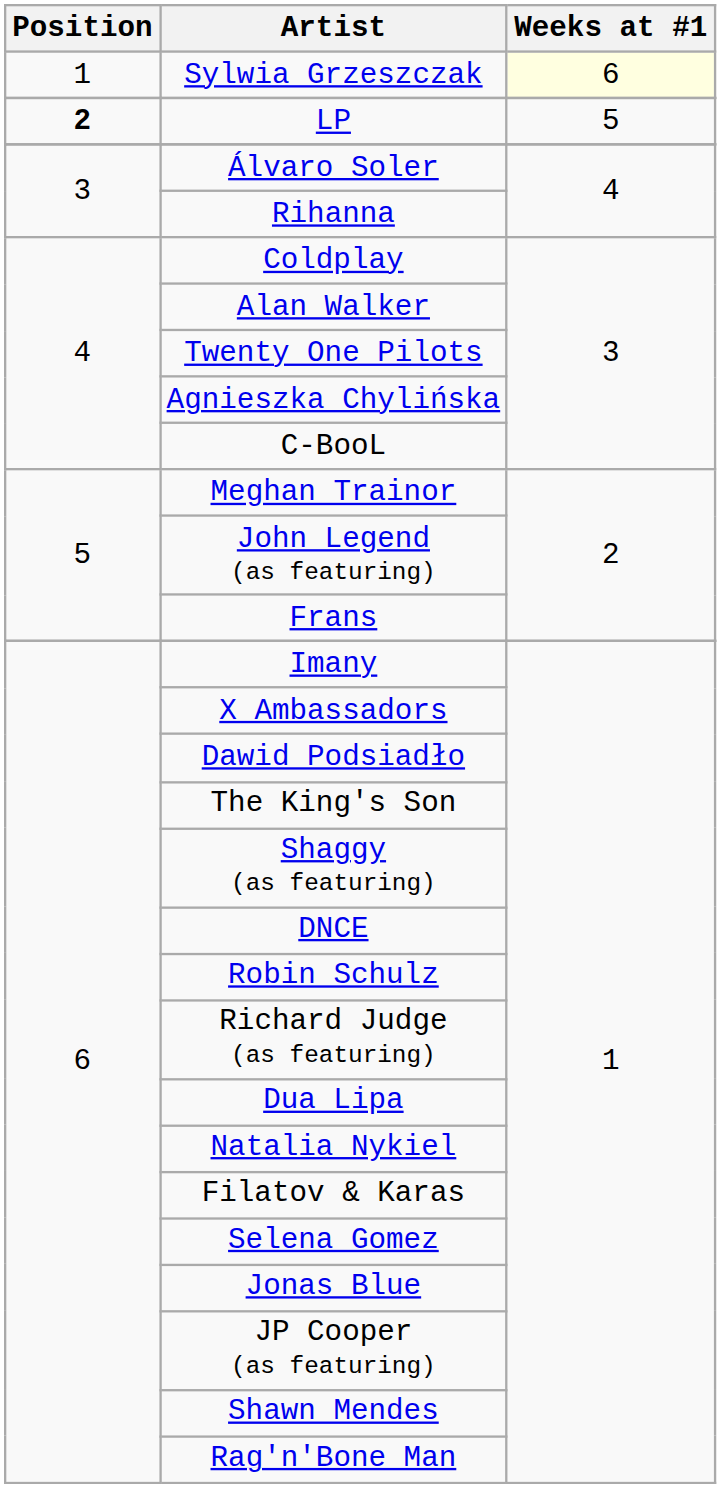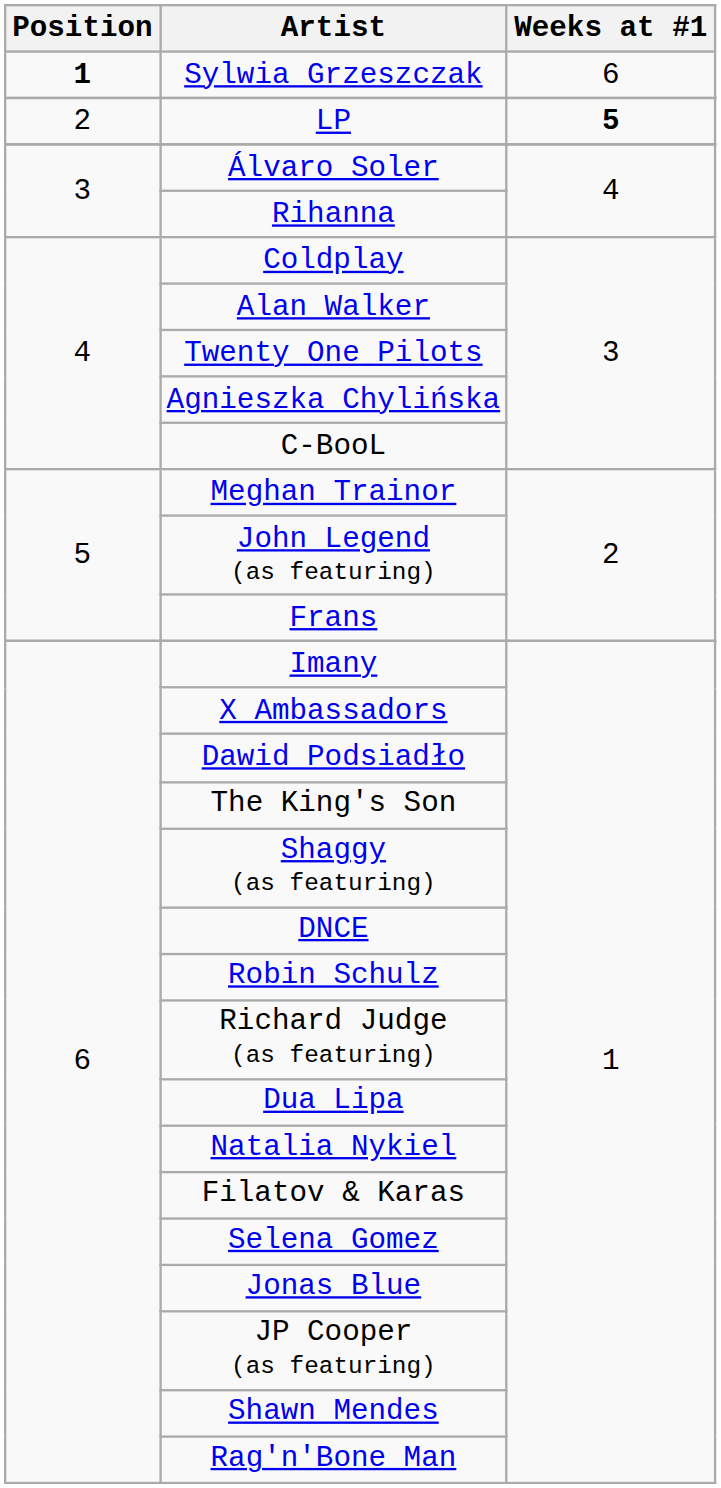 <table class="wikitable" style="font-size:97%;">
 <tr>
 <th>Position</th>
 <th>Artist</th>
 <th>Weeks at #1</th>
 </tr>
 <tr style="text-align:center;">
-<td rowspan="1">1</td>
+<td rowspan="1"><strong>1</strong></td>
 <td style="text-align:center;"><a href='#'>Sylwia Grzeszczak</a></td>
-<td rowspan="1" style="background: lightyellow; text-align:center;">6</td>
+<td rowspan="1" style="text-align:center;">6</td>
 </tr>
 <tr>
 </tr>
 <tr style="text-align:center;">
-<td rowspan="1"><strong>2</strong></td>
+<td rowspan="1">2</td>
 <td style="text-align:center;"><a href='#'>LP</a></td>
-<td rowspan="1" style="text-align:center;">5</td>
+<td rowspan="1" style="text-align:center;"><strong>5</strong></td>
 </tr>
 <tr>
 </tr>
 <tr style="text-align:center;">
 <td rowspan="2">3</td>
 <td style="text-align:center;"><a href='#'>Álvaro Soler</a></td>
 <td rowspan="2" style="text-align:center;">4</td>
 </tr>
 <tr>
 <td style="text-align:center;"><a href='#'>Rihanna</a></td>
 </tr>
 <tr style="text-align:center;">
 <td rowspan="5">4</td>
 <td style="text-align:center;"><a href='#'>Coldplay</a></td>
 <td rowspan="5" style="text-align:center;">3</td>
 </tr>
 <tr>
 <td style="text-align:center;"><a href='#'>Alan Walker</a></td>
 </tr>
 <tr>
 <td style="text-align:center;"><a href='#'>Twenty One Pilots</a></td>
 </tr>
 <tr>
 <td style="text-align:center;"><a href='#'>Agnieszka Chylińska</a></td>
 </tr>
 <tr>
 <td style="text-align:center;">C-BooL</td>
 </tr>
 <tr style="text-align:center;">
 <td rowspan="3">5</td>
 <td style="text-align:center;"><a href='#'>Meghan Trainor</a></td>
 <td rowspan="3" style="text-align:center;">2</td>
 </tr>
 <tr>
 <td style="text-align:center;"><a href='#'>John Legend</a><br><small>(as featuring)</small></td>
 </tr>
 <tr>
 <td style="text-align:center;"><a href='#'>Frans</a></td>
 </tr>
 <tr>
 </tr>
 <tr style="text-align:center;">
 <td rowspan="16">6</td>
 <td style="text-align:center;"><a href='#'>Imany</a></td>
 <td rowspan="16" style="text-align:center;">1</td>
 </tr>
 <tr>
 <td style="text-align:center;"><a href='#'>X Ambassadors</a></td>
 </tr>
 <tr>
 <td style="text-align:center;"><a href='#'>Dawid Podsiadło</a></td>
 </tr>
 <tr>
 <td style="text-align:center;">The King's Son</td>
 </tr>
 <tr>
 <td style="text-align:center;"><a href='#'>Shaggy</a><br><small>(as featuring)</small></td>
 </tr>
 <tr>
 <td style="text-align:center;"><a href='#'>DNCE</a></td>
 </tr>
 <tr>
 <td style="text-align:center;"><a href='#'>Robin Schulz</a></td>
 </tr>
 <tr>
 <td style="text-align:center;">Richard Judge<br><small>(as featuring)</small></td>
 </tr>
 <tr>
 <td style="text-align:center;"><a href='#'>Dua Lipa</a></td>
 </tr>
 <tr>
 <td style="text-align:center;"><a href='#'>Natalia Nykiel</a></td>
 </tr>
 <tr>
 <td style="text-align:center;">Filatov & Karas</td>
 </tr>
 <tr>
 <td style="text-align:center;"><a href='#'>Selena Gomez</a></td>
 </tr>
 <tr>
 <td style="text-align:center;"><a href='#'>Jonas Blue</a></td>
 </tr>
 <tr>
 <td style="text-align:center;">JP Cooper<br><small>(as featuring)</small></td>
 </tr>
 <tr>
 <td style="text-align:center;"><a href='#'>Shawn Mendes</a></td>
 </tr>
 <tr>
 <td style="text-align:center;"><a href='#'>Rag'n'Bone Man</a></td>
 </tr>
 </table>
